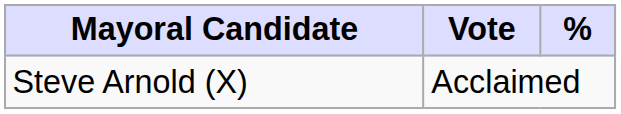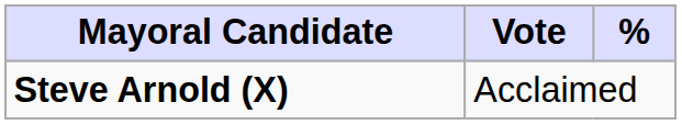 <table class="wikitable">
 <tr>
 <th style="background:#ddf; width:200px;">Mayoral Candidate</th>
 <th style="background:#ddf; width:50px;">Vote</th>
 <th style="background:#ddf; width:30px;">%</th>
 </tr>
 <tr>
-<td>Steve Arnold (X)</td>
+<td><strong>Steve Arnold (X)</strong></td>
 <td colspan="2">Acclaimed</td>
 </tr>
 </table>
